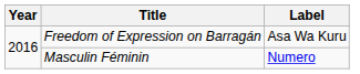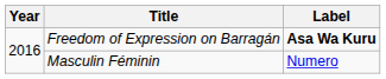 <table class="wikitable">
 <tr>
 <th>Year</th>
 <th>Title</th>
 <th>Label</th>
 </tr>
 <tr>
 <td rowspan="2">2016</td>
 <td><em>Freedom of Expression on Barragán</em></td>
-<td>Asa Wa Kuru</td>
+<td><strong>Asa Wa Kuru</strong></td>
 </tr>
 <tr>
 <td><em>Masculin Féminin</em></td>
 <td><a href='#'>Numero</a></td>
 </tr>
 </table>
